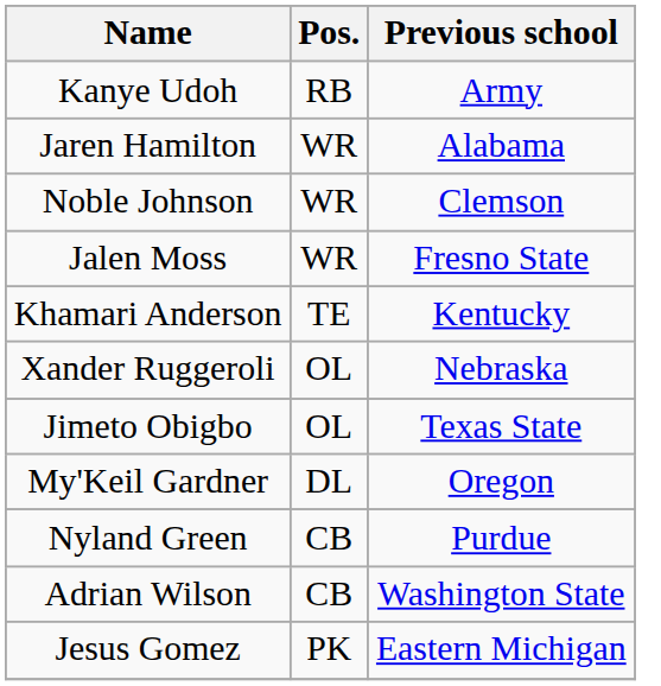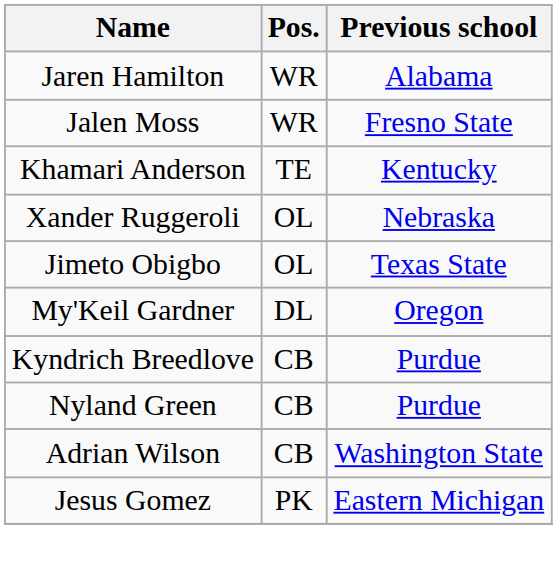 <table class="wikitable sortable sortable" style="text-align: center">
 <tr style="text-align:center">
 <th style="text-align:center; ">Name</th>
 <th style="text-align:center; ">Pos.</th>
 <th style="text-align:center; ">Previous school</th>
 </tr>
 <tr>
-<td>Kanye Udoh</td>
-<td>RB</td>
-<td><a href='#'>Army</a></td>
-</tr>
-<tr>
 <td>Jaren Hamilton</td>
 <td>WR</td>
 <td><a href='#'>Alabama</a></td>
-</tr>
-<tr>
-<td>Noble Johnson</td>
-<td>WR</td>
-<td><a href='#'>Clemson</a></td>
 </tr>
 <tr>
 <td>Jalen Moss</td>
 <td>WR</td>
 <td><a href='#'>Fresno State</a></td>
 </tr>
 <tr>
 <td>Khamari Anderson</td>
 <td>TE</td>
 <td><a href='#'>Kentucky</a></td>
 </tr>
 <tr>
 <td>Xander Ruggeroli</td>
 <td>OL</td>
 <td><a href='#'>Nebraska</a></td>
 </tr>
 <tr>
 <td>Jimeto Obigbo</td>
 <td>OL</td>
 <td><a href='#'>Texas State</a></td>
 </tr>
 <tr>
 <td>My'Keil Gardner</td>
 <td>DL</td>
 <td><a href='#'>Oregon</a></td>
 </tr>
 <tr>
+<td>Kyndrich Breedlove</td>
+<td>CB</td>
+<td><a href='#'>Purdue</a></td>
+</tr>
+<tr>
 <td>Nyland Green</td>
 <td>CB</td>
 <td><a href='#'>Purdue</a></td>
 </tr>
 <tr>
 <td>Adrian Wilson</td>
 <td>CB</td>
 <td><a href='#'>Washington State</a></td>
 </tr>
 <tr>
 <td>Jesus Gomez</td>
 <td>PK</td>
 <td><a href='#'>Eastern Michigan</a></td>
 </tr>
 <tr>
 </tr>
 </table>
